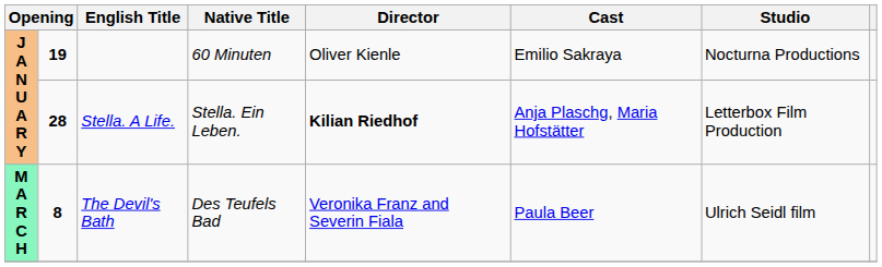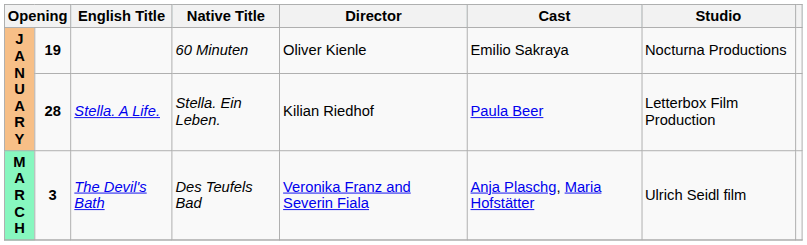 <table class="wikitable sortable">
 <tr style="background:#b0e0e6; text-align:center;">
 <th colspan="2">Opening</th>
 <th>English Title</th>
 <th>Native Title</th>
 <th>Director</th>
 <th>Cast</th>
 <th>Studio</th>
 <th></th>
 </tr>
 <tr>
 <th rowspan="2" style="text-align:center; background:#f7bf87; ">J<br>A<br>N<br>U<br>A<br>R<br>Y</th>
 <td rowspan="1" style="text-align:center"><strong>19</strong></td>
 <td><em></em></td>
 <td><em>60 Minuten</em></td>
 <td>Oliver Kienle</td>
 <td>Emilio Sakraya</td>
 <td>Nocturna Productions</td>
 <td></td>
 </tr>
 <tr>
 <td rowspan="1" style="text-align:center"><strong>28</strong></td>
 <td><em><a href='#'>Stella. A Life.</a></em></td>
 <td><em>Stella. Ein Leben.</em></td>
-<td><strong>Kilian Riedhof</strong></td>
-<td><a href='#'>Anja Plaschg</a>, <a href='#'>Maria Hofstätter</a></td>
+<td>Kilian Riedhof</td>
+<td><a href='#'>Paula Beer</a></td>
 <td>Letterbox Film Production</td>
 <td></td>
 </tr>
 <tr>
 <th rowspan="1" style="text-align:center; background:#87f7bf; textcolor:#000;">M<br>A<br>R<br>C<br>H</th>
-<td rowspan="1" style="text-align:center;"><strong>8</strong></td>
+<td rowspan="1" style="text-align:center;"><strong>3</strong></td>
 <td><em><a href='#'>The Devil's Bath</a></em></td>
 <td><em>Des Teufels Bad</em></td>
 <td><a href='#'>Veronika Franz and Severin Fiala</a></td>
-<td><a href='#'>Paula Beer</a></td>
+<td><a href='#'>Anja Plaschg</a>, <a href='#'>Maria Hofstätter</a></td>
 <td>Ulrich Seidl film</td>
 <td></td>
 </tr>
 <tr>
 </tr>
 </table>
